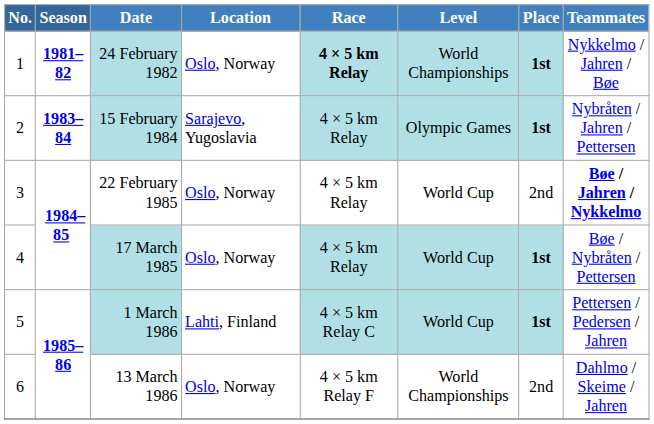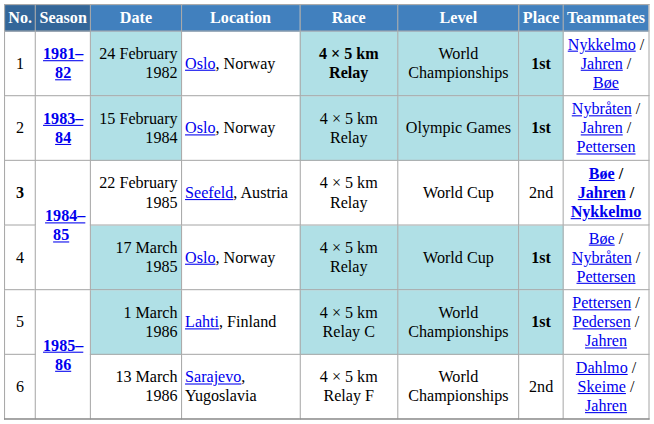 <table class="wikitable sortable" style="font-size:95%; text-align:center; border:grey solid 1px; border-collapse:collapse; background:#ffffff;">
 <tr style="background:#efefef;">
 <th style="background-color:#369; color:white;">No.</th>
 <th style="background-color:#369; color:white;">Season</th>
 <th style="background-color:#4180be; color:white; width:120px;">Date</th>
 <th style="background-color:#4180be; color:white; width:170px;">Location</th>
 <th style="background-color:#4180be; color:white; width:170px;">Race</th>
 <th style="background-color:#4180be; color:white; width:130px;">Level</th>
 <th style="background-color:#4180be; color:white;">Place</th>
 <th style="background-color:#4180be; color:white;">Teammates</th>
 </tr>
 <tr>
 <td align=center>1</td>
 <td rowspan=1 align=center><strong><a href='#'>1981–82</a></strong></td>
 <td bgcolor="#BOEOE6" align=right>24 February 1982</td>
 <td align=left> <a href='#'>Oslo</a>, Norway</td>
 <td bgcolor="#BOEOE6"><strong>4 × 5 km Relay</strong></td>
 <td bgcolor="#BOEOE6">World Championships</td>
 <td bgcolor="#BOEOE6"><strong>1st</strong></td>
 <td><a href='#'>Nykkelmo</a> / <a href='#'>Jahren</a> / <a href='#'>Bøe</a></td>
 </tr>
 <tr>
 <td align=center>2</td>
 <td rowspan=1 align=center><strong><a href='#'>1983–84</a></strong></td>
 <td bgcolor="#BOEOE6" align=right>15 February 1984</td>
-<td align=left> <a href='#'>Sarajevo</a>, Yugoslavia</td>
+<td align=left> <a href='#'>Oslo</a>, Norway</td>
 <td bgcolor="#BOEOE6">4 × 5 km Relay</td>
 <td bgcolor="#BOEOE6">Olympic Games</td>
 <td bgcolor="#BOEOE6"><strong>1st</strong></td>
 <td><a href='#'>Nybråten</a> / <a href='#'>Jahren</a> / <a href='#'>Pettersen</a></td>
 </tr>
 <tr>
-<td align=center>3</td>
+<td align=center><strong>3</strong></td>
 <td rowspan=2 align=center><strong> <a href='#'>1984–85</a> </strong></td>
 <td align=right>22 February 1985</td>
-<td align=left> <a href='#'>Oslo</a>, Norway</td>
+<td align=left> <a href='#'>Seefeld</a>, Austria</td>
 <td>4 × 5 km Relay</td>
 <td>World Cup</td>
 <td>2nd</td>
 <td><strong><a href='#'>Bøe</a> / <a href='#'>Jahren</a> / <a href='#'>Nykkelmo</a></strong></td>
 </tr>
 <tr>
 <td align=center>4</td>
 <td bgcolor="#BOEOE6" align=right>17 March 1985</td>
 <td align=left> <a href='#'>Oslo</a>, Norway</td>
 <td bgcolor="#BOEOE6">4 × 5 km Relay</td>
 <td bgcolor="#BOEOE6">World Cup</td>
 <td bgcolor="#BOEOE6"><strong>1st</strong></td>
 <td><a href='#'>Bøe</a> / <a href='#'>Nybråten</a> / <a href='#'>Pettersen</a></td>
 </tr>
 <tr>
 <td align=center>5</td>
 <td rowspan=2 align=center><strong><a href='#'>1985–86</a></strong></td>
 <td bgcolor="#BOEOE6" align=right>1 March 1986</td>
 <td align=left> <a href='#'>Lahti</a>, Finland</td>
 <td bgcolor="#BOEOE6">4 × 5 km Relay C</td>
-<td bgcolor="#BOEOE6">World Cup</td>
+<td bgcolor="#BOEOE6">World Championships</td>
 <td bgcolor="#BOEOE6"><strong>1st</strong></td>
 <td><a href='#'>Pettersen</a> / <a href='#'>Pedersen</a> / <a href='#'>Jahren</a></td>
 </tr>
 <tr>
 <td align=center>6</td>
 <td align=right>13 March 1986</td>
-<td align=left> <a href='#'>Oslo</a>, Norway</td>
+<td align=left> <a href='#'>Sarajevo</a>, Yugoslavia</td>
 <td>4 × 5 km Relay F</td>
 <td>World Championships</td>
 <td>2nd</td>
 <td><a href='#'>Dahlmo</a> / <a href='#'>Skeime</a> / <a href='#'>Jahren</a></td>
 </tr>
 <tr>
 </tr>
 </table>
